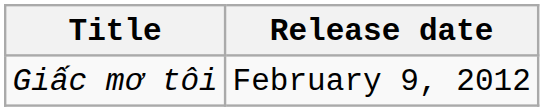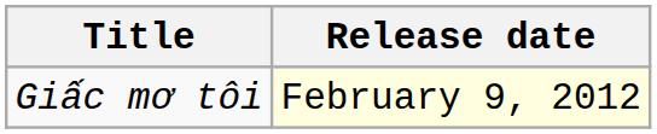 <table class="wikitable" style="text-align:center;">
 <tr>
 <th>Title</th>
 <th>Release date</th>
 </tr>
 <tr>
 <td align="left"><em>Giấc mơ tôi</em></td>
-<td>February 9, 2012</td>
+<td style="background: lightyellow;">February 9, 2012</td>
 </tr>
 </table>
